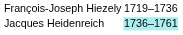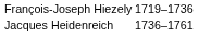 <table>
 <tr>
 <td>François-Joseph Hiezely</td>
 <td>1719–1736</td>
 </tr>
 <tr>
 <td>Jacques Heidenreich</td>
-<td style="background: paleturquoise;">1736–1761</td>
+<td>1736–1761</td>
 </tr>
 </table>
